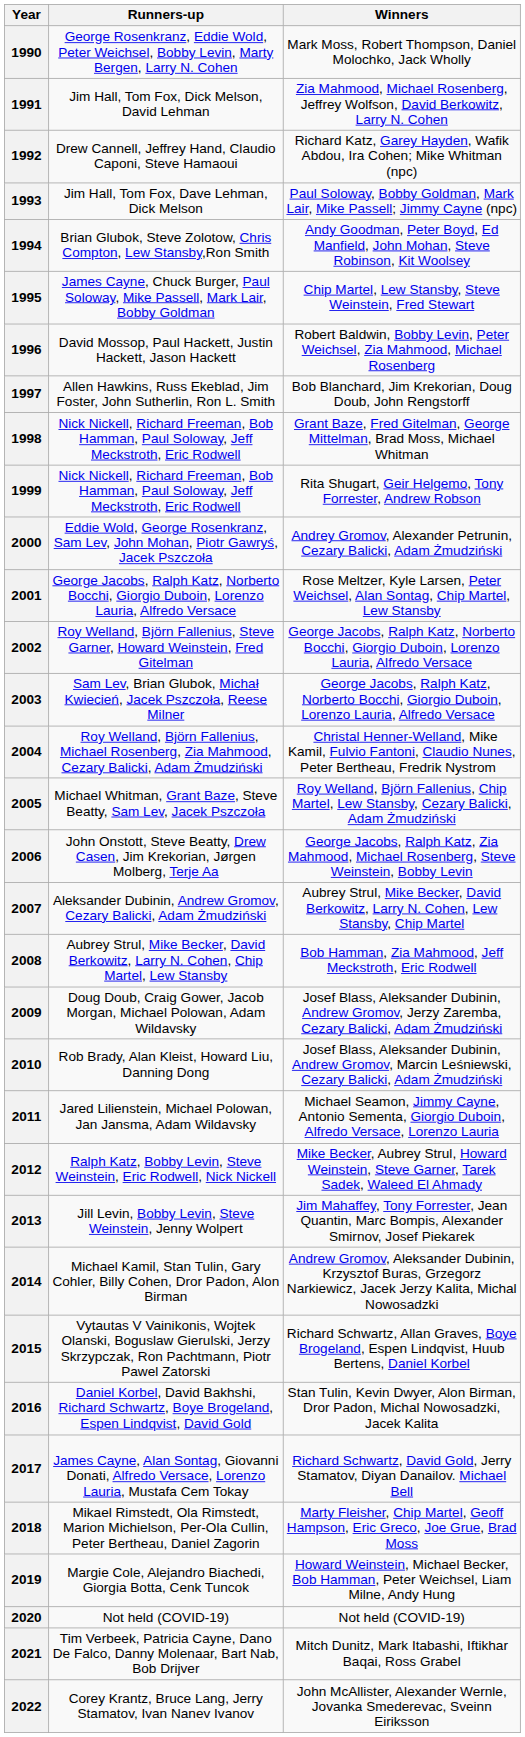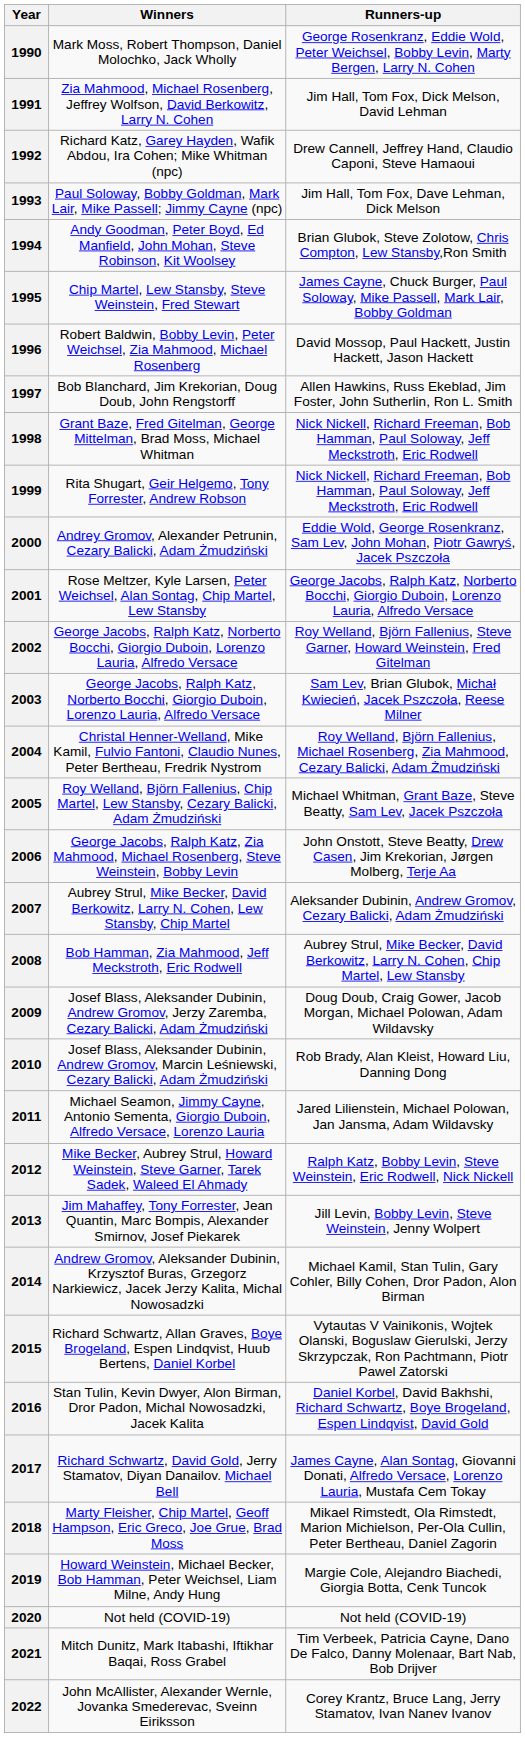 <table class="wikitable" style="text-align:center">
 <tr>
 <th>Year</th>
+<th>Winners</th>
 <th>Runners-up</th>
-<th>Winners</th>
 </tr>
 <tr>
 <th> 1990 </th>
+<td>Mark Moss, Robert Thompson, Daniel Molochko, Jack Wholly</td>
 <td><a href='#'>George Rosenkranz</a>, <a href='#'>Eddie Wold</a>, <a href='#'>Peter Weichsel</a>, <a href='#'>Bobby Levin</a>, <a href='#'>Marty Bergen</a>, <a href='#'>Larry N. Cohen</a></td>
-<td>Mark Moss, Robert Thompson, Daniel Molochko, Jack Wholly</td>
 </tr>
 <tr>
 <th>1991</th>
+<td><a href='#'>Zia Mahmood</a>, <a href='#'>Michael Rosenberg</a>, Jeffrey Wolfson, <a href='#'>David Berkowitz</a>, <a href='#'>Larry N. Cohen</a></td>
 <td>Jim Hall, Tom Fox, Dick Melson, David Lehman</td>
-<td><a href='#'>Zia Mahmood</a>, <a href='#'>Michael Rosenberg</a>, Jeffrey Wolfson, <a href='#'>David Berkowitz</a>, <a href='#'>Larry N. Cohen</a></td>
 </tr>
 <tr>
 <th>1992</th>
+<td>Richard Katz, <a href='#'>Garey Hayden</a>, Wafik Abdou, Ira Cohen; Mike Whitman (npc)</td>
 <td>Drew Cannell, Jeffrey Hand, Claudio Caponi, Steve Hamaoui</td>
-<td>Richard Katz, <a href='#'>Garey Hayden</a>, Wafik Abdou, Ira Cohen; Mike Whitman (npc)</td>
 </tr>
 <tr>
 <th>1993</th>
+<td><a href='#'>Paul Soloway</a>, <a href='#'>Bobby Goldman</a>, <a href='#'>Mark Lair</a>, <a href='#'>Mike Passell</a>; <a href='#'>Jimmy Cayne</a> (npc)</td>
 <td>Jim Hall, Tom Fox, Dave Lehman, Dick Melson</td>
-<td><a href='#'>Paul Soloway</a>, <a href='#'>Bobby Goldman</a>, <a href='#'>Mark Lair</a>, <a href='#'>Mike Passell</a>; <a href='#'>Jimmy Cayne</a> (npc)</td>
 </tr>
 <tr>
 <th>1994</th>
+<td><a href='#'>Andy Goodman</a>, <a href='#'>Peter Boyd</a>, <a href='#'>Ed Manfield</a>, <a href='#'>John Mohan</a>, <a href='#'> Steve Robinson</a>, <a href='#'>Kit Woolsey</a></td>
 <td>Brian Glubok, Steve Zolotow, <a href='#'>Chris Compton</a>, <a href='#'>Lew Stansby</a>,Ron Smith</td>
-<td><a href='#'>Andy Goodman</a>, <a href='#'>Peter Boyd</a>, <a href='#'>Ed Manfield</a>, <a href='#'>John Mohan</a>, <a href='#'> Steve Robinson</a>, <a href='#'>Kit Woolsey</a></td>
 </tr>
 <tr>
 <th>1995</th>
+<td><a href='#'>Chip Martel</a>, <a href='#'>Lew Stansby</a>, <a href='#'>Steve Weinstein</a>, <a href='#'>Fred Stewart</a></td>
 <td><a href='#'>James Cayne</a>, Chuck Burger, <a href='#'>Paul Soloway</a>, <a href='#'>Mike Passell</a>, <a href='#'>Mark Lair</a>, <a href='#'>Bobby Goldman</a></td>
-<td><a href='#'>Chip Martel</a>, <a href='#'>Lew Stansby</a>, <a href='#'>Steve Weinstein</a>, <a href='#'>Fred Stewart</a></td>
 </tr>
 <tr>
 <th>1996</th>
+<td>Robert Baldwin, <a href='#'>Bobby Levin</a>, <a href='#'>Peter Weichsel</a>, <a href='#'>Zia Mahmood</a>, <a href='#'>Michael Rosenberg</a></td>
 <td>David Mossop, Paul Hackett, Justin Hackett, Jason Hackett</td>
-<td>Robert Baldwin, <a href='#'>Bobby Levin</a>, <a href='#'>Peter Weichsel</a>, <a href='#'>Zia Mahmood</a>, <a href='#'>Michael Rosenberg</a></td>
 </tr>
 <tr>
 <th>1997</th>
+<td>Bob Blanchard, Jim Krekorian, Doug Doub, John Rengstorff</td>
 <td>Allen Hawkins, Russ Ekeblad, Jim Foster, John Sutherlin, Ron L. Smith</td>
-<td>Bob Blanchard, Jim Krekorian, Doug Doub, John Rengstorff</td>
 </tr>
 <tr>
 <th>1998</th>
+<td><a href='#'>Grant Baze</a>, <a href='#'>Fred Gitelman</a>, <a href='#'>George Mittelman</a>, Brad Moss, Michael Whitman</td>
 <td><a href='#'>Nick Nickell</a>, <a href='#'>Richard Freeman</a>, <a href='#'>Bob Hamman</a>, <a href='#'>Paul Soloway</a>, <a href='#'>Jeff Meckstroth</a>, <a href='#'>Eric Rodwell</a></td>
-<td><a href='#'>Grant Baze</a>, <a href='#'>Fred Gitelman</a>, <a href='#'>George Mittelman</a>, Brad Moss, Michael Whitman</td>
 </tr>
 <tr>
 <th>1999</th>
+<td>Rita Shugart, <a href='#'>Geir Helgemo</a>, <a href='#'>Tony Forrester</a>, <a href='#'>Andrew Robson</a></td>
 <td><a href='#'>Nick Nickell</a>, <a href='#'>Richard Freeman</a>, <a href='#'>Bob Hamman</a>, <a href='#'>Paul Soloway</a>, <a href='#'>Jeff Meckstroth</a>, <a href='#'>Eric Rodwell</a></td>
-<td>Rita Shugart, <a href='#'>Geir Helgemo</a>, <a href='#'>Tony Forrester</a>, <a href='#'>Andrew Robson</a></td>
 </tr>
 <tr>
 <th>2000</th>
+<td><a href='#'>Andrey Gromov</a>, Alexander Petrunin, <a href='#'>Cezary Balicki</a>, <a href='#'>Adam Żmudziński</a></td>
 <td><a href='#'>Eddie Wold</a>, <a href='#'>George Rosenkranz</a>, <a href='#'>Sam Lev</a>, <a href='#'>John Mohan</a>, <a href='#'>Piotr Gawryś</a>, <a href='#'>Jacek Pszczoła</a></td>
-<td><a href='#'>Andrey Gromov</a>, Alexander Petrunin, <a href='#'>Cezary Balicki</a>, <a href='#'>Adam Żmudziński</a></td>
 </tr>
 <tr>
 <th>2001</th>
+<td>Rose Meltzer, Kyle Larsen, <a href='#'>Peter Weichsel</a>, <a href='#'>Alan Sontag</a>, <a href='#'>Chip Martel</a>, <a href='#'>Lew Stansby</a></td>
 <td><a href='#'>George Jacobs</a>, <a href='#'>Ralph Katz</a>, <a href='#'>Norberto Bocchi</a>, <a href='#'>Giorgio Duboin</a>, <a href='#'>Lorenzo Lauria</a>, <a href='#'>Alfredo Versace</a></td>
-<td>Rose Meltzer, Kyle Larsen, <a href='#'>Peter Weichsel</a>, <a href='#'>Alan Sontag</a>, <a href='#'>Chip Martel</a>, <a href='#'>Lew Stansby</a></td>
 </tr>
 <tr>
 <th>2002</th>
+<td><a href='#'>George Jacobs</a>, <a href='#'>Ralph Katz</a>, <a href='#'>Norberto Bocchi</a>, <a href='#'>Giorgio Duboin</a>, <a href='#'>Lorenzo Lauria</a>, <a href='#'>Alfredo Versace</a></td>
 <td><a href='#'>Roy Welland</a>, <a href='#'>Björn Fallenius</a>, <a href='#'>Steve Garner</a>, <a href='#'>Howard Weinstein</a>, <a href='#'>Fred Gitelman</a></td>
-<td><a href='#'>George Jacobs</a>, <a href='#'>Ralph Katz</a>, <a href='#'>Norberto Bocchi</a>, <a href='#'>Giorgio Duboin</a>, <a href='#'>Lorenzo Lauria</a>, <a href='#'>Alfredo Versace</a></td>
 </tr>
 <tr>
 <th>2003</th>
+<td>  <a href='#'>George Jacobs</a>, <a href='#'>Ralph Katz</a>, <a href='#'>Norberto Bocchi</a>, <a href='#'>Giorgio Duboin</a>, <a href='#'>Lorenzo Lauria</a>, <a href='#'>Alfredo Versace</a>  </td>
 <td><a href='#'>Sam Lev</a>, Brian Glubok, <a href='#'>Michał Kwiecień</a>, <a href='#'>Jacek Pszczoła</a>, <a href='#'>Reese Milner</a></td>
-<td>  <a href='#'>George Jacobs</a>, <a href='#'>Ralph Katz</a>, <a href='#'>Norberto Bocchi</a>, <a href='#'>Giorgio Duboin</a>, <a href='#'>Lorenzo Lauria</a>, <a href='#'>Alfredo Versace</a>  </td>
 </tr>
 <tr>
 <th>2004</th>
+<td>  <a href='#'>Christal Henner-Welland</a>, Mike Kamil, <a href='#'>Fulvio Fantoni</a>, <a href='#'>Claudio Nunes</a>, Peter Bertheau, Fredrik Nystrom  </td>
 <td>  <a href='#'>Roy Welland</a>, <a href='#'>Björn Fallenius</a>, <a href='#'>Michael Rosenberg</a>, <a href='#'>Zia Mahmood</a>, <a href='#'>Cezary Balicki</a>, <a href='#'>Adam Żmudziński</a>  </td>
-<td>  <a href='#'>Christal Henner-Welland</a>, Mike Kamil, <a href='#'>Fulvio Fantoni</a>, <a href='#'>Claudio Nunes</a>, Peter Bertheau, Fredrik Nystrom  </td>
 </tr>
 <tr>
 <th>2005</th>
+<td><a href='#'>Roy Welland</a>, <a href='#'>Björn Fallenius</a>, <a href='#'>Chip Martel</a>, <a href='#'>Lew Stansby</a>, <a href='#'>Cezary Balicki</a>, <a href='#'>Adam Żmudziński</a></td>
 <td>Michael Whitman, <a href='#'>Grant Baze</a>, Steve Beatty, <a href='#'>Sam Lev</a>, <a href='#'>Jacek Pszczoła</a></td>
-<td><a href='#'>Roy Welland</a>, <a href='#'>Björn Fallenius</a>, <a href='#'>Chip Martel</a>, <a href='#'>Lew Stansby</a>, <a href='#'>Cezary Balicki</a>, <a href='#'>Adam Żmudziński</a></td>
 </tr>
 <tr>
 <th>2006</th>
+<td><a href='#'>George Jacobs</a>, <a href='#'>Ralph Katz</a>, <a href='#'>Zia Mahmood</a>, <a href='#'>Michael Rosenberg</a>, <a href='#'>Steve Weinstein</a>, <a href='#'>Bobby Levin</a></td>
 <td>John Onstott, Steve Beatty, <a href='#'>Drew Casen</a>, Jim Krekorian, Jørgen Molberg, <a href='#'>Terje Aa</a></td>
-<td><a href='#'>George Jacobs</a>, <a href='#'>Ralph Katz</a>, <a href='#'>Zia Mahmood</a>, <a href='#'>Michael Rosenberg</a>, <a href='#'>Steve Weinstein</a>, <a href='#'>Bobby Levin</a></td>
 </tr>
 <tr>
 <th>2007</th>
+<td>Aubrey Strul, <a href='#'>Mike Becker</a>, <a href='#'>David Berkowitz</a>, <a href='#'>Larry N. Cohen</a>, <a href='#'>Lew Stansby</a>, <a href='#'>Chip Martel</a></td>
 <td>Aleksander Dubinin, <a href='#'>Andrew Gromov</a>, <a href='#'>Cezary Balicki</a>, <a href='#'>Adam Żmudziński</a></td>
-<td>Aubrey Strul, <a href='#'>Mike Becker</a>, <a href='#'>David Berkowitz</a>, <a href='#'>Larry N. Cohen</a>, <a href='#'>Lew Stansby</a>, <a href='#'>Chip Martel</a></td>
 </tr>
 <tr>
 <th>2008</th>
+<td><a href='#'>Bob Hamman</a>, <a href='#'>Zia Mahmood</a>, <a href='#'>Jeff Meckstroth</a>, <a href='#'>Eric Rodwell</a></td>
 <td>Aubrey Strul, <a href='#'>Mike Becker</a>, <a href='#'>David Berkowitz</a>, <a href='#'>Larry N. Cohen</a>, <a href='#'>Chip Martel</a>, <a href='#'>Lew Stansby</a></td>
-<td><a href='#'>Bob Hamman</a>, <a href='#'>Zia Mahmood</a>, <a href='#'>Jeff Meckstroth</a>, <a href='#'>Eric Rodwell</a></td>
 </tr>
 <tr>
 <th>2009</th>
+<td>Josef Blass, Aleksander Dubinin, <a href='#'>Andrew Gromov</a>, Jerzy Zaremba, <a href='#'>Cezary Balicki</a>, <a href='#'>Adam Żmudziński</a></td>
 <td>Doug Doub, Craig Gower, Jacob Morgan, Michael Polowan, Adam Wildavsky</td>
-<td>Josef Blass, Aleksander Dubinin, <a href='#'>Andrew Gromov</a>, Jerzy Zaremba, <a href='#'>Cezary Balicki</a>, <a href='#'>Adam Żmudziński</a></td>
 </tr>
 <tr>
 <th>2010</th>
+<td>Josef Blass, Aleksander Dubinin, <a href='#'>Andrew Gromov</a>, Marcin Leśniewski, <a href='#'>Cezary Balicki</a>, <a href='#'>Adam Żmudziński</a></td>
 <td>Rob Brady, Alan Kleist, Howard Liu, Danning Dong</td>
-<td>Josef Blass, Aleksander Dubinin, <a href='#'>Andrew Gromov</a>, Marcin Leśniewski, <a href='#'>Cezary Balicki</a>, <a href='#'>Adam Żmudziński</a></td>
 </tr>
 <tr>
 <th>2011</th>
+<td>Michael Seamon, <a href='#'>Jimmy Cayne</a>, Antonio Sementa, <a href='#'>Giorgio Duboin</a>, <a href='#'>Alfredo Versace</a>, <a href='#'>Lorenzo Lauria</a></td>
 <td>Jared Lilienstein, Michael Polowan, Jan Jansma, Adam Wildavsky</td>
-<td>Michael Seamon, <a href='#'>Jimmy Cayne</a>, Antonio Sementa, <a href='#'>Giorgio Duboin</a>, <a href='#'>Alfredo Versace</a>, <a href='#'>Lorenzo Lauria</a></td>
 </tr>
 <tr>
 <th>2012</th>
+<td><a href='#'>Mike Becker</a>, Aubrey Strul, <a href='#'>Howard Weinstein</a>, <a href='#'>Steve Garner</a>, <a href='#'>Tarek Sadek</a>, <a href='#'>Waleed El Ahmady</a></td>
 <td><a href='#'>Ralph Katz</a>, <a href='#'>Bobby Levin</a>, <a href='#'>Steve Weinstein</a>, <a href='#'>Eric Rodwell</a>, <a href='#'>Nick Nickell</a></td>
-<td><a href='#'>Mike Becker</a>, Aubrey Strul, <a href='#'>Howard Weinstein</a>, <a href='#'>Steve Garner</a>, <a href='#'>Tarek Sadek</a>, <a href='#'>Waleed El Ahmady</a></td>
 </tr>
 <tr>
 <th>2013</th>
+<td><a href='#'>Jim Mahaffey</a>, <a href='#'>Tony Forrester</a>, Jean Quantin, Marc Bompis, Alexander Smirnov, Josef Piekarek</td>
 <td>Jill Levin, <a href='#'>Bobby Levin</a>, <a href='#'>Steve Weinstein</a>, Jenny Wolpert</td>
-<td><a href='#'>Jim Mahaffey</a>, <a href='#'>Tony Forrester</a>, Jean Quantin, Marc Bompis, Alexander Smirnov, Josef Piekarek</td>
 </tr>
 <tr>
 <th>2014</th>
+<td><a href='#'>Andrew Gromov</a>, Aleksander Dubinin, Krzysztof Buras, Grzegorz Narkiewicz, Jacek Jerzy Kalita, Michal Nowosadzki</td>
 <td>Michael Kamil, Stan Tulin, Gary Cohler, Billy Cohen, Dror Padon, Alon Birman</td>
-<td><a href='#'>Andrew Gromov</a>, Aleksander Dubinin, Krzysztof Buras, Grzegorz Narkiewicz, Jacek Jerzy Kalita, Michal Nowosadzki</td>
 </tr>
 <tr>
 <th>2015</th>
+<td>Richard Schwartz, Allan Graves, <a href='#'>Boye Brogeland</a>, Espen Lindqvist, Huub Bertens, <a href='#'>Daniel Korbel</a></td>
 <td>Vytautas V Vainikonis, Wojtek Olanski, Boguslaw Gierulski, Jerzy Skrzypczak, Ron Pachtmann, Piotr Pawel Zatorski</td>
-<td>Richard Schwartz, Allan Graves, <a href='#'>Boye Brogeland</a>, Espen Lindqvist, Huub Bertens, <a href='#'>Daniel Korbel</a></td>
 </tr>
 <tr>
 <th>2016</th>
+<td>Stan Tulin, Kevin Dwyer, Alon Birman, Dror Padon, Michal Nowosadzki, Jacek Kalita</td>
 <td><a href='#'>Daniel Korbel</a>, David Bakhshi, <a href='#'>Richard Schwartz</a>, <a href='#'>Boye Brogeland</a>, <a href='#'>Espen Lindqvist</a>, <a href='#'>David Gold</a></td>
-<td>Stan Tulin, Kevin Dwyer, Alon Birman, Dror Padon, Michal Nowosadzki, Jacek Kalita</td>
 </tr>
 <tr>
 <th>2017</th>
+<td><br><a href='#'>Richard Schwartz</a>, <a href='#'>David Gold</a>, Jerry Stamatov, Diyan Danailov. <a href='#'>Michael Bell</a></td>
 <td><br><a href='#'>James Cayne</a>, <a href='#'>Alan Sontag</a>, Giovanni Donati, <a href='#'>Alfredo Versace</a>, <a href='#'>Lorenzo Lauria</a>, Mustafa Cem Tokay</td>
-<td><br><a href='#'>Richard Schwartz</a>, <a href='#'>David Gold</a>, Jerry Stamatov, Diyan Danailov. <a href='#'>Michael Bell</a></td>
 </tr>
 <tr>
 <th>2018</th>
+<td><a href='#'>Marty Fleisher</a>, <a href='#'>Chip Martel</a>, <a href='#'>Geoff Hampson</a>, <a href='#'>Eric Greco</a>, <a href='#'>Joe Grue</a>, <a href='#'>Brad Moss</a></td>
 <td>Mikael Rimstedt, Ola Rimstedt, Marion Michielson, Per-Ola Cullin, Peter Bertheau, Daniel Zagorin</td>
-<td><a href='#'>Marty Fleisher</a>, <a href='#'>Chip Martel</a>, <a href='#'>Geoff Hampson</a>, <a href='#'>Eric Greco</a>, <a href='#'>Joe Grue</a>, <a href='#'>Brad Moss</a></td>
 </tr>
 <tr>
 <th>2019</th>
+<td><a href='#'>Howard Weinstein</a>, Michael Becker, <a href='#'>Bob Hamman</a>, Peter Weichsel, Liam Milne, Andy Hung</td>
 <td>Margie Cole, Alejandro Biachedi, Giorgia Botta, Cenk Tuncok</td>
-<td><a href='#'>Howard Weinstein</a>, Michael Becker, <a href='#'>Bob Hamman</a>, Peter Weichsel, Liam Milne, Andy Hung</td>
 </tr>
 <tr>
 <th>2020</th>
 <td>Not held (COVID-19)</td>
 <td>Not held (COVID-19)</td>
 </tr>
 <tr>
 <th>2021</th>
+<td>Mitch Dunitz, Mark Itabashi, Iftikhar Baqai, Ross Grabel</td>
 <td>Tim Verbeek, Patricia Cayne, Dano De Falco, Danny Molenaar, Bart Nab, Bob Drijver</td>
-<td>Mitch Dunitz, Mark Itabashi, Iftikhar Baqai, Ross Grabel</td>
 </tr>
 <tr>
 <th>2022</th>
+<td>John McAllister, Alexander Wernle, Jovanka Smederevac, Sveinn Eiriksson</td>
 <td>Corey Krantz, Bruce Lang, Jerry Stamatov, Ivan Nanev Ivanov</td>
-<td>John McAllister, Alexander Wernle, Jovanka Smederevac, Sveinn Eiriksson</td>
 </tr>
 </table>
